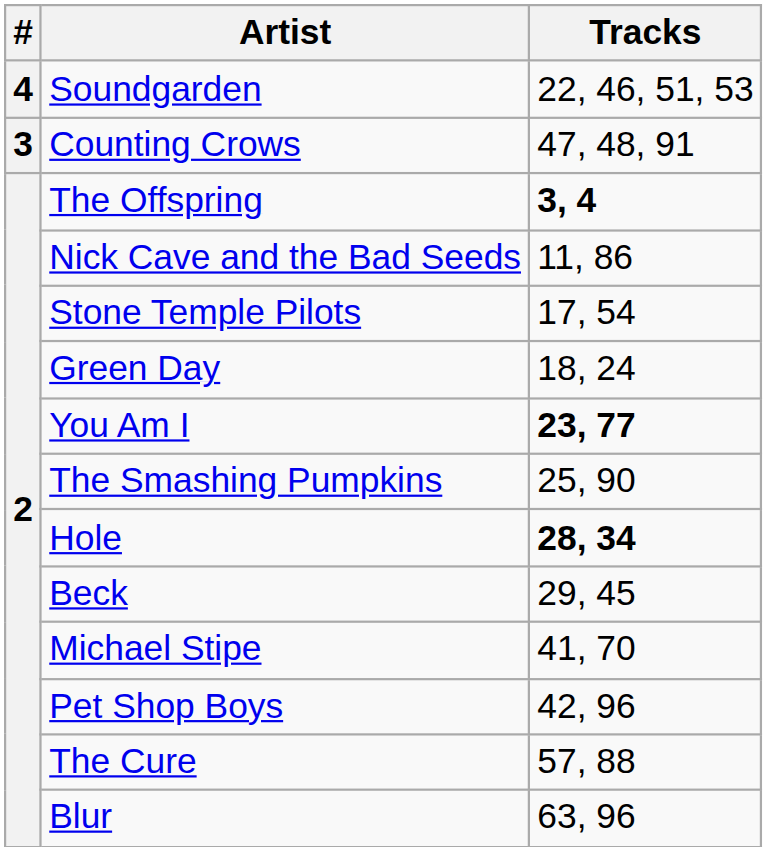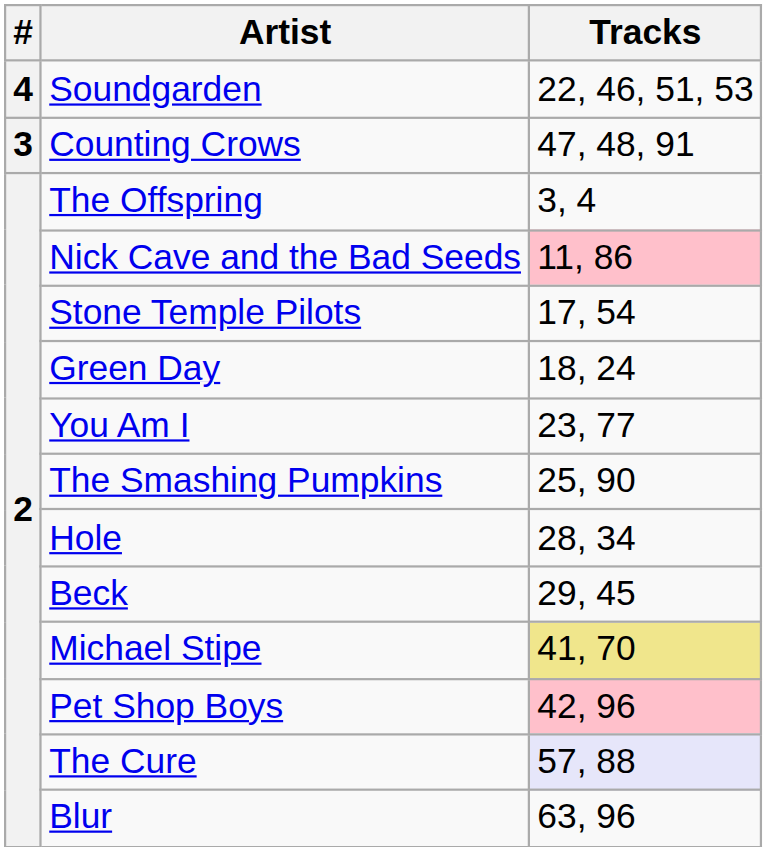 <table class="wikitable">
 <tr>
 <th>#</th>
 <th>Artist</th>
 <th>Tracks</th>
 </tr>
 <tr>
 <th>4</th>
 <td><a href='#'>Soundgarden</a></td>
 <td>22, 46, 51, 53</td>
 </tr>
 <tr>
 <th>3</th>
 <td><a href='#'>Counting Crows</a></td>
 <td>47, 48, 91</td>
 </tr>
 <tr>
 <th rowspan="12">2</th>
 <td><a href='#'>The Offspring</a></td>
-<td><strong>3, 4</strong></td>
+<td>3, 4</td>
 </tr>
 <tr>
 <td><a href='#'>Nick Cave and the Bad Seeds</a></td>
-<td>11, 86</td>
+<td style="background: pink;">11, 86</td>
 </tr>
 <tr>
 <td><a href='#'>Stone Temple Pilots</a></td>
 <td>17, 54</td>
 </tr>
 <tr>
 <td><a href='#'>Green Day</a></td>
 <td>18, 24</td>
 </tr>
 <tr>
 <td><a href='#'>You Am I</a></td>
-<td><strong>23, 77</strong></td>
+<td>23, 77</td>
 </tr>
 <tr>
 <td><a href='#'>The Smashing Pumpkins</a></td>
 <td>25, 90</td>
 </tr>
 <tr>
 <td><a href='#'>Hole</a></td>
-<td><strong>28, 34</strong></td>
+<td>28, 34</td>
 </tr>
 <tr>
 <td><a href='#'>Beck</a></td>
 <td>29, 45</td>
 </tr>
 <tr>
 <td><a href='#'>Michael Stipe</a></td>
-<td>41, 70</td>
+<td style="background: khaki;">41, 70</td>
 </tr>
 <tr>
 <td><a href='#'>Pet Shop Boys</a></td>
-<td>42, 96</td>
+<td style="background: pink;">42, 96</td>
 </tr>
 <tr>
 <td><a href='#'>The Cure</a></td>
-<td>57, 88</td>
+<td style="background: lavender;">57, 88</td>
 </tr>
 <tr>
 <td><a href='#'>Blur</a></td>
 <td>63, 96</td>
 </tr>
 </table>
